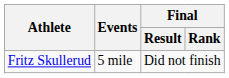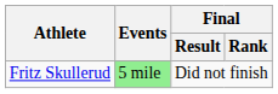 <table class=wikitable style="font-size:90%">
 <tr>
 <th rowspan="2">Athlete</th>
 <th rowspan="2">Events</th>
 <th colspan="2">Final</th>
 </tr>
 <tr>
 <th>Result</th>
 <th>Rank</th>
 </tr>
 <tr>
 <td><a href='#'>Fritz Skullerud</a></td>
-<td>5 mile</td>
+<td style="background: lightgreen;">5 mile</td>
 <td align="center" colspan=2>Did not finish</td>
 </tr>
 </table>
